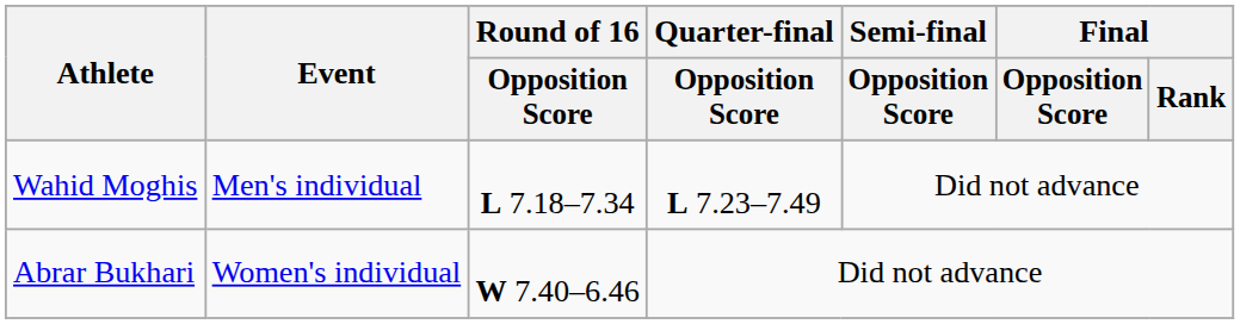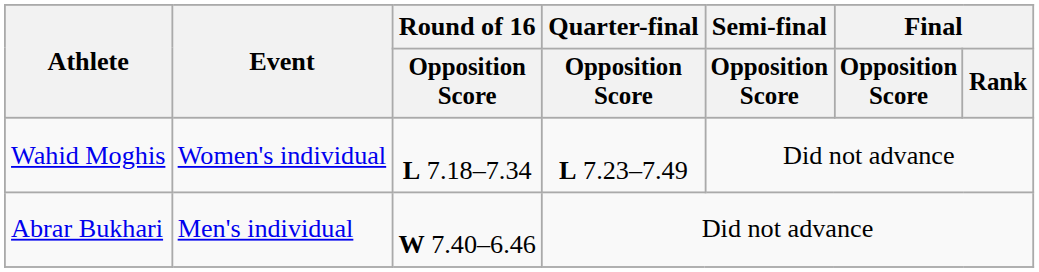 <table class=wikitable style=font-size:90%;text-align:center>
 <tr>
 <th rowspan=2>Athlete</th>
 <th rowspan=2>Event</th>
 <th>Round of 16</th>
 <th>Quarter-final</th>
 <th>Semi-final</th>
 <th colspan=2>Final</th>
 </tr>
 <tr style=font-size:95%>
 <th>Opposition<br>Score</th>
 <th>Opposition<br>Score</th>
 <th>Opposition<br>Score</th>
 <th>Opposition<br>Score</th>
 <th>Rank</th>
 </tr>
 <tr>
 <td align=left><a href='#'>Wahid Moghis</a></td>
-<td align=left><a href='#'>Men's individual</a></td>
+<td align=left><a href='#'>Women's individual</a></td>
 <td><br><strong>L</strong> 7.18–7.34</td>
 <td><br><strong>L</strong> 7.23–7.49</td>
 <td colspan=3>Did not advance</td>
 </tr>
 <tr>
 <td align=left><a href='#'>Abrar Bukhari</a></td>
-<td align=left><a href='#'>Women's individual</a></td>
+<td align=left><a href='#'>Men's individual</a></td>
 <td><br><strong>W</strong> 7.40–6.46</td>
 <td colspan=4>Did not advance</td>
 </tr>
 </table>
